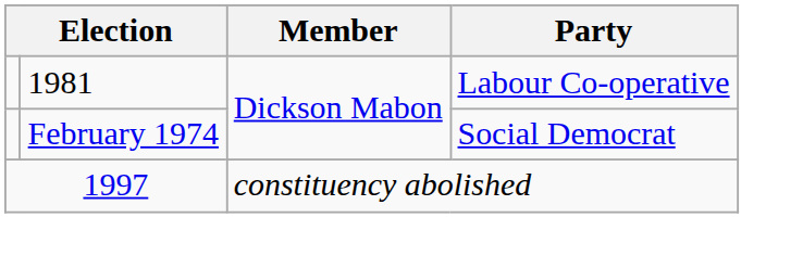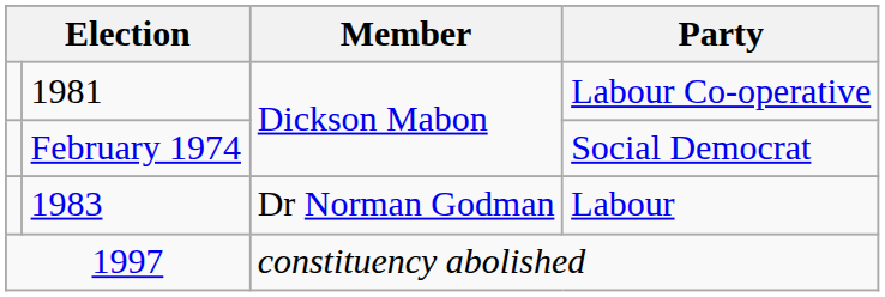 <table class="wikitable">
 <tr>
 <th colspan="2">Election</th>
 <th>Member</th>
 <th>Party</th>
 </tr>
 <tr>
 <td style="color:inherit;background-color: "></td>
 <td>1981</td>
 <td rowspan=2><a href='#'>Dickson Mabon</a></td>
 <td><a href='#'>Labour Co-operative</a></td>
 </tr>
 <tr>
 <td style="color:inherit;background-color: "></td>
 <td><a href='#'>February 1974</a></td>
 <td><a href='#'>Social Democrat</a></td>
 </tr>
 <tr>
+<td style="color:inherit;background-color: "></td>
+<td><a href='#'>1983</a></td>
+<td>Dr <a href='#'>Norman Godman</a></td>
+<td><a href='#'>Labour</a></td>
+</tr>
+<tr>
 <td colspan="2" align="center"><a href='#'>1997</a></td>
 <td colspan="2"><em>constituency abolished</em></td>
 </tr>
 </table>
